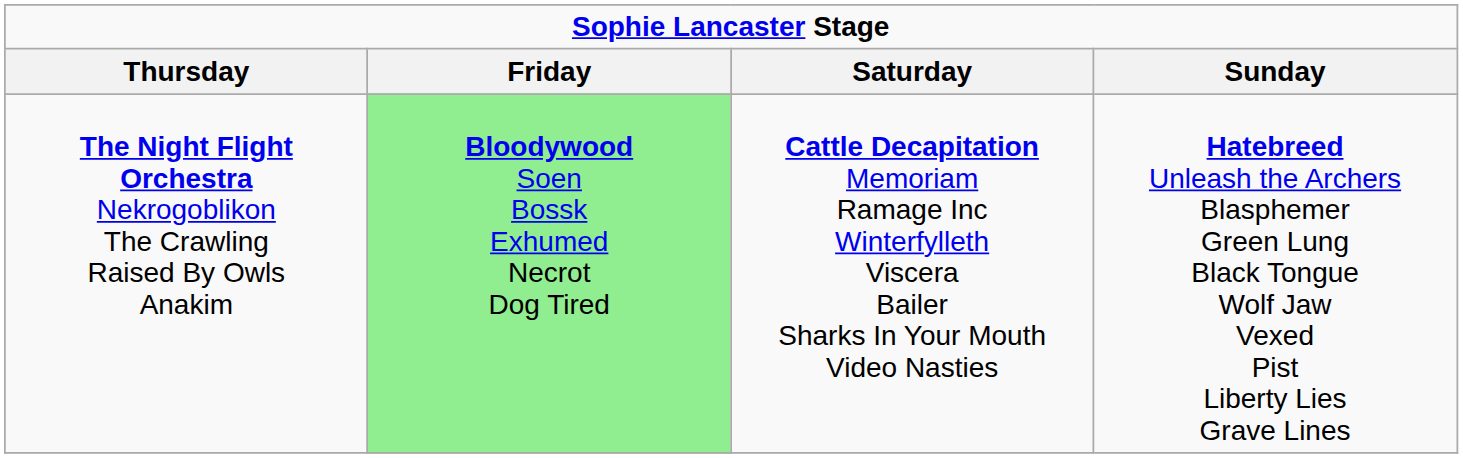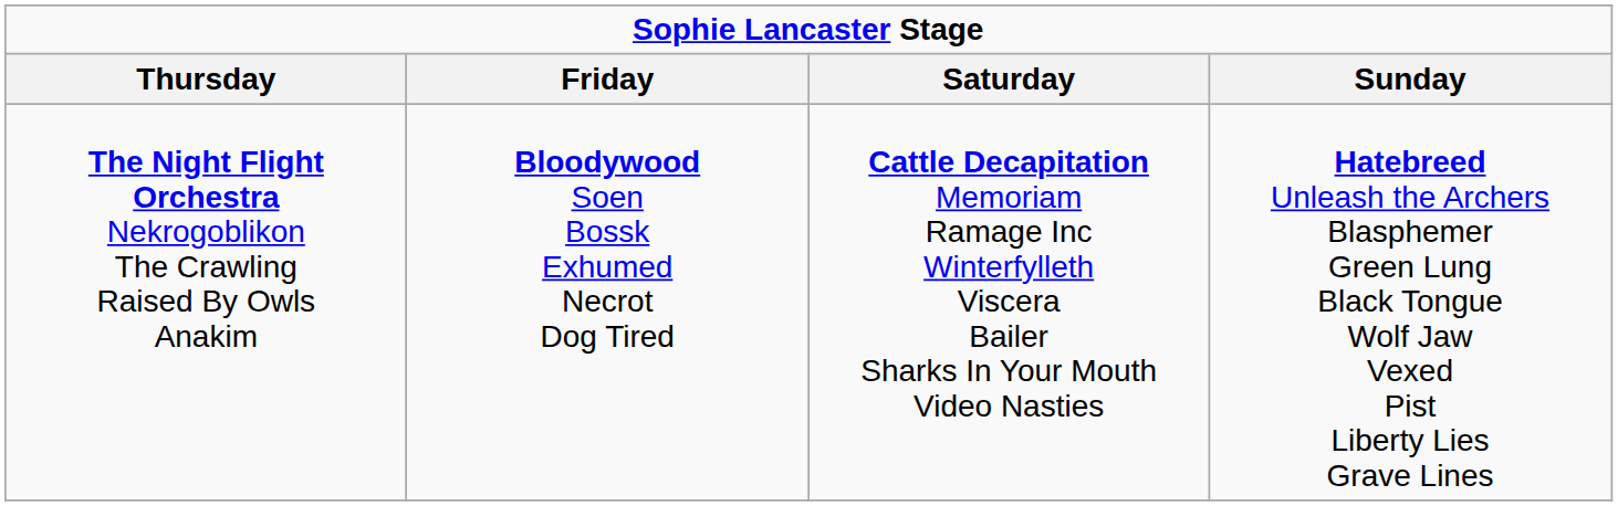 <table class="wikitable">
 <tr>
 <td colspan="4" align="center"><strong><a href='#'>Sophie Lancaster</a> Stage</strong></td>
 </tr>
 <tr>
 <th>Thursday</th>
 <th>Friday</th>
 <th>Saturday</th>
 <th>Sunday</th>
 </tr>
 <tr>
 <td align="center" valign="top" width="200"><br><strong><a href='#'>The Night Flight Orchestra</a></strong><br> <a href='#'>Nekrogoblikon</a><br> The Crawling<br> Raised By Owls<br> Anakim<br></td>
-<td align="center" valign="top" width="200" style="background: lightgreen;"><br><strong><a href='#'>Bloodywood</a></strong><br> <a href='#'>Soen</a><br> <a href='#'>Bossk</a><br> <a href='#'>Exhumed</a><br> Necrot<br> Dog Tired<br></td>
+<td align="center" valign="top" width="200"><br><strong><a href='#'>Bloodywood</a></strong><br> <a href='#'>Soen</a><br> <a href='#'>Bossk</a><br> <a href='#'>Exhumed</a><br> Necrot<br> Dog Tired<br></td>
 <td align="center" valign="top" width="200"><br><strong><a href='#'>Cattle Decapitation</a></strong><br> <a href='#'>Memoriam</a><br> Ramage Inc<br> <a href='#'>Winterfylleth</a><br> Viscera<br> Bailer<br> Sharks In Your Mouth<br> Video Nasties<br></td>
 <td align="center" valign="top" width="200"><br><strong><a href='#'>Hatebreed</a></strong><br> <a href='#'>Unleash the Archers</a><br> Blasphemer<br> Green Lung<br> Black Tongue<br> Wolf Jaw<br> Vexed<br> Pist<br> Liberty Lies<br> Grave Lines<br></td>
 </tr>
 </table>
